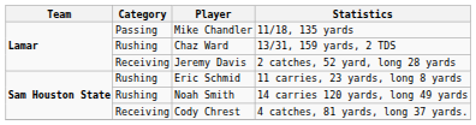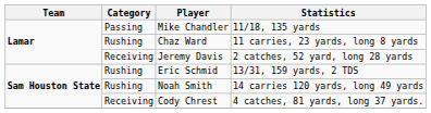 <table class="wikitable" style="float: right;">
 <tr>
 <th>Team</th>
 <th>Category</th>
 <th>Player</th>
 <th>Statistics</th>
 </tr>
 <tr>
 <td rowspan=3><strong>Lamar</strong></td>
 <td>Passing</td>
 <td>Mike Chandler</td>
 <td>11/18, 135 yards</td>
 </tr>
 <tr>
 <td>Rushing</td>
 <td>Chaz Ward</td>
-<td>13/31, 159 yards, 2 TDS</td>
+<td>11 carries, 23 yards, long 8 yards</td>
 </tr>
 <tr>
 <td>Receiving</td>
 <td>Jeremy Davis</td>
 <td>2 catches, 52 yard, long 28 yards</td>
 </tr>
 <tr>
 <td rowspan=3><strong>Sam Houston State</strong></td>
 <td>Rushing</td>
 <td>Eric Schmid</td>
-<td>11 carries, 23 yards, long 8 yards</td>
+<td>13/31, 159 yards, 2 TDS</td>
 </tr>
 <tr>
 <td>Rushing</td>
 <td>Noah Smith</td>
 <td>14 carries 120 yards, long 49 yards</td>
 </tr>
 <tr>
 <td>Receiving</td>
 <td>Cody Chrest</td>
 <td>4 catches, 81 yards, long 37 yards.</td>
 </tr>
 <tr>
 </tr>
 </table>
